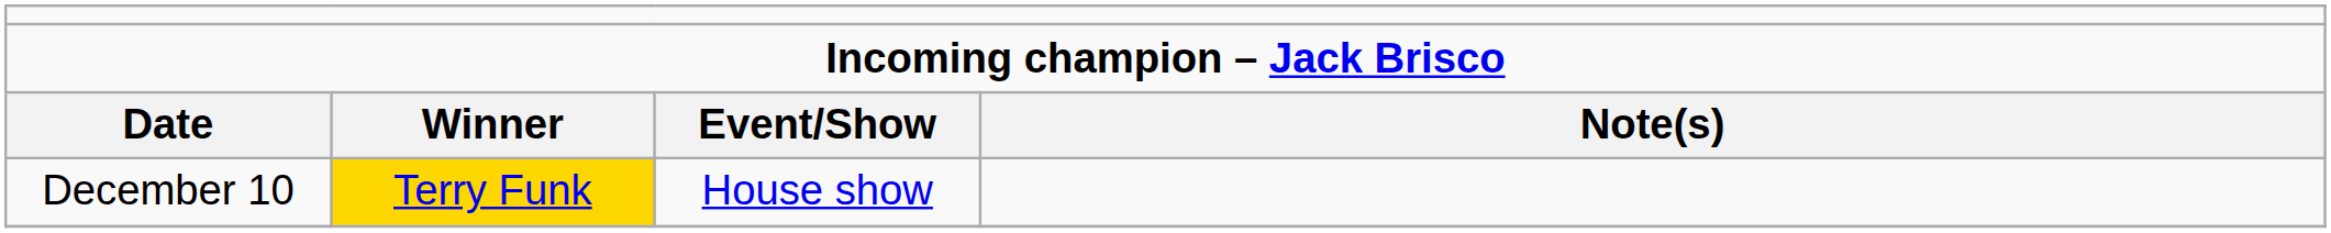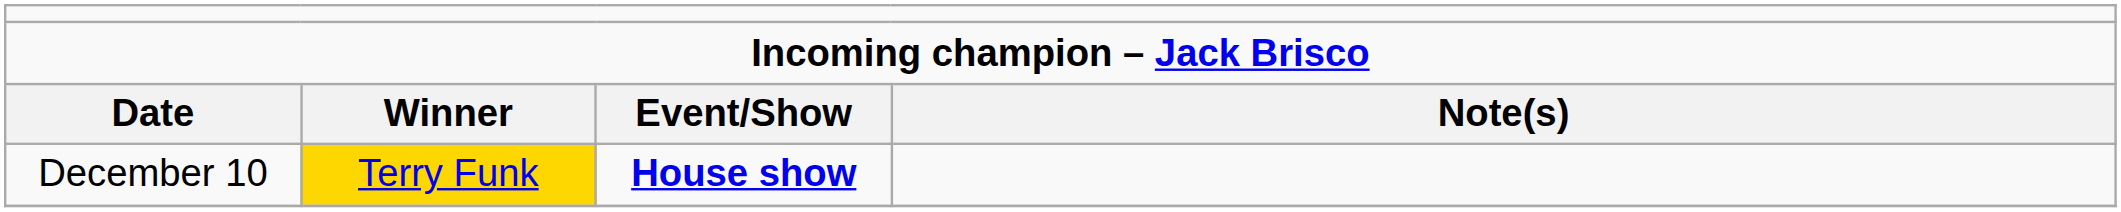 <table class="wikitable" style="text-align:center; width:100%;">
 <tr>
 <td colspan="5"></td>
 </tr>
 <tr>
 <td colspan="5"><strong>Incoming champion – <a href='#'>Jack Brisco</a></strong></td>
 </tr>
 <tr>
 <th width=14%>Date</th>
 <th width=14%>Winner</th>
 <th width=14%>Event/Show</th>
 <th width=58%>Note(s)</th>
 </tr>
 <tr>
 <td>December 10</td>
 <td style="background: gold;"><a href='#'>Terry Funk</a></td>
-<td><a href='#'>House show</a></td>
+<td><strong><a href='#'>House show</a></strong></td>
 <td></td>
 </tr>
 <tr>
 </tr>
 </table>
